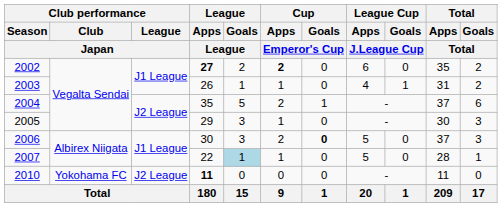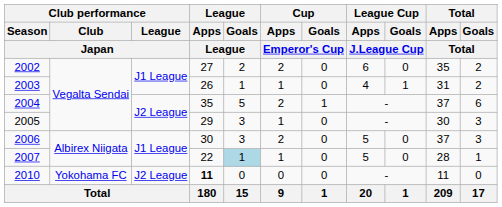 <table class="wikitable" style="text-align:center;">
 <tr>
 <th colspan=3>Club performance</th>
 <th colspan=2>League</th>
 <th colspan=2>Cup</th>
 <th colspan=2>League Cup</th>
 <th colspan=2>Total</th>
 </tr>
 <tr>
 <th>Season</th>
 <th>Club</th>
 <th>League</th>
 <th>Apps</th>
 <th>Goals</th>
 <th>Apps</th>
 <th>Goals</th>
 <th>Apps</th>
 <th>Goals</th>
 <th>Apps</th>
 <th>Goals</th>
 </tr>
 <tr>
 <th colspan=3>Japan</th>
 <th colspan=2>League</th>
 <th colspan=2><a href='#'>Emperor's Cup</a></th>
 <th colspan=2><a href='#'>J.League Cup</a></th>
 <th colspan=2>Total</th>
 </tr>
 <tr>
 <td><a href='#'>2002</a></td>
 <td rowspan=4><a href='#'>Vegalta Sendai</a></td>
 <td rowspan=2><a href='#'>J1 League</a></td>
-<td><strong>27</strong></td>
+<td>27</td>
 <td>2</td>
-<td><strong>2</strong></td>
+<td>2</td>
 <td>0</td>
 <td>6</td>
 <td>0</td>
 <td>35</td>
 <td>2</td>
 </tr>
 <tr>
 <td><a href='#'>2003</a></td>
 <td>26</td>
 <td>1</td>
 <td>1</td>
 <td>0</td>
 <td>4</td>
 <td>1</td>
 <td>31</td>
 <td>2</td>
 </tr>
 <tr>
 <td><a href='#'>2004</a></td>
 <td rowspan=2><a href='#'>J2 League</a></td>
 <td>35</td>
 <td>5</td>
 <td>2</td>
 <td>1</td>
 <td colspan=2>-</td>
 <td>37</td>
 <td>6</td>
 </tr>
 <tr>
 <td>2005</td>
 <td>29</td>
 <td>3</td>
 <td>1</td>
 <td>0</td>
 <td colspan=2>-</td>
 <td>30</td>
 <td>3</td>
 </tr>
 <tr>
 <td><a href='#'>2006</a></td>
 <td rowspan=2><a href='#'>Albirex Niigata</a></td>
 <td rowspan=2><a href='#'>J1 League</a></td>
 <td>30</td>
 <td>3</td>
 <td>2</td>
-<td><strong>0</strong></td>
+<td>0</td>
 <td>5</td>
 <td>0</td>
 <td>37</td>
 <td>3</td>
 </tr>
 <tr>
 <td><a href='#'>2007</a></td>
 <td>22</td>
 <td style="background: lightblue;">1</td>
 <td>1</td>
 <td>0</td>
 <td>5</td>
 <td>0</td>
 <td>28</td>
 <td>1</td>
 </tr>
 <tr>
 <td><a href='#'>2010</a></td>
 <td><a href='#'>Yokohama FC</a></td>
 <td><a href='#'>J2 League</a></td>
 <td><strong>11</strong></td>
 <td>0</td>
 <td>0</td>
 <td>0</td>
 <td colspan=2>-</td>
 <td>11</td>
 <td>0</td>
 </tr>
 <tr>
 <th colspan=3>Total</th>
 <th>180</th>
 <th>15</th>
 <th>9</th>
 <th>1</th>
 <th>20</th>
 <th>1</th>
 <th>209</th>
 <th>17</th>
 </tr>
 </table>
